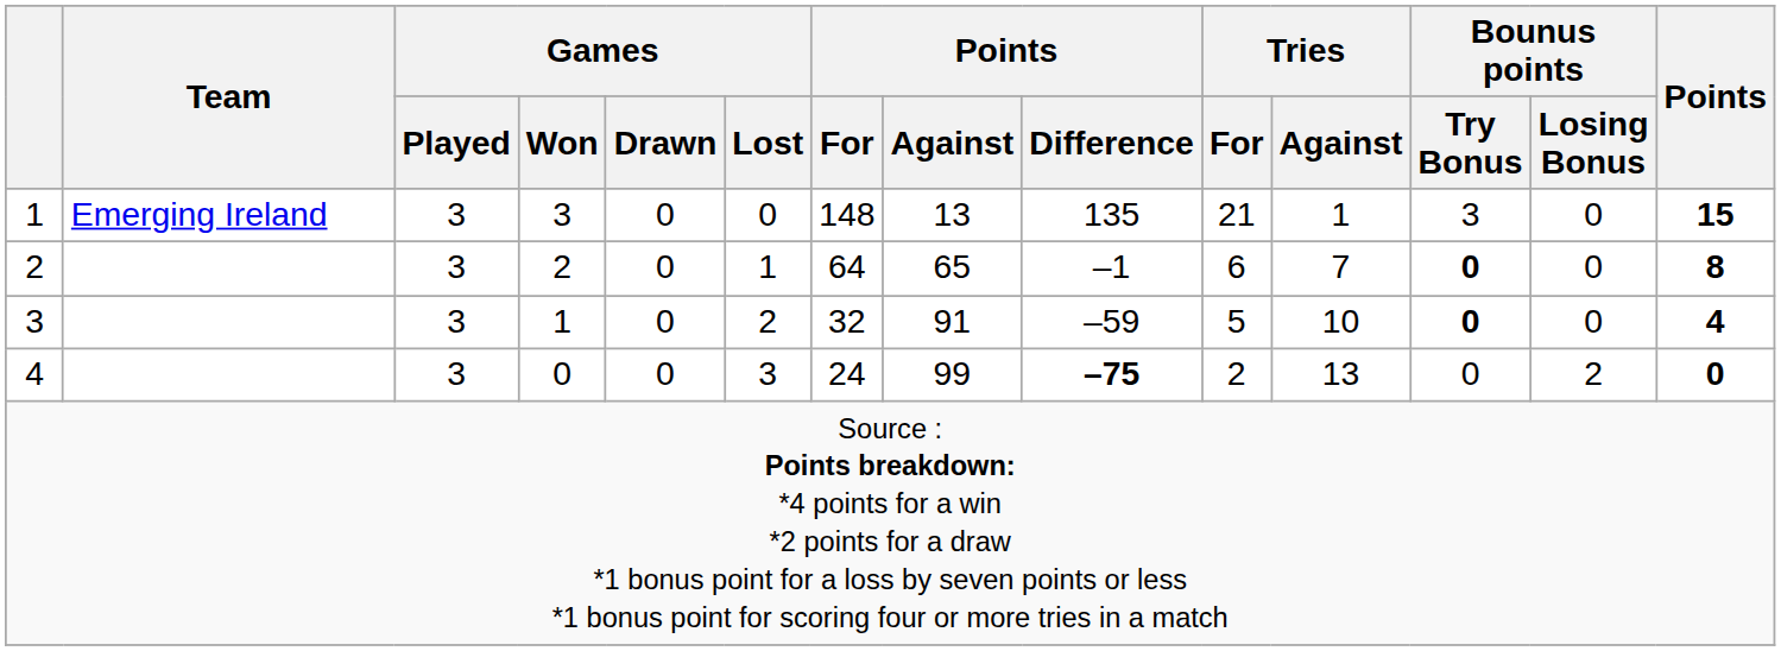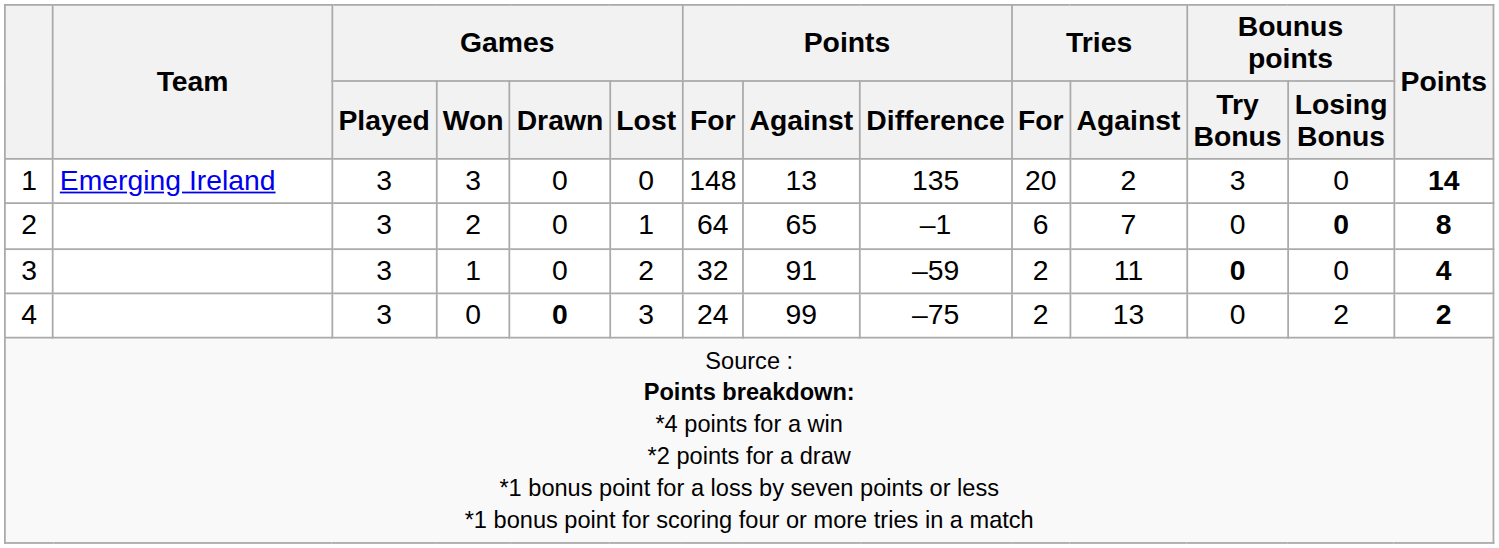 <table class="wikitable" style="text-align: center;">
 <tr>
 <th rowspan="2" bgcolor="#efefef" width="20"></th>
 <th rowspan="2" bgcolor="#efefef" width="150">Team</th>
 <th colspan="4" bgcolor="#efefef" width="100">Games</th>
 <th colspan="3" bgcolor="#efefef" width="60">Points</th>
 <th colspan="2" bgcolor="#efefef" width="40">Tries</th>
 <th colspan="2" bgcolor="#efefef" width="40">Bounus points</th>
 <th rowspan="2" bgcolor="#efefef" width="20">Points</th>
 </tr>
 <tr>
 <th bgcolor="#efefef" width="20">Played</th>
 <th bgcolor="#efefef" width="20">Won</th>
 <th bgcolor="#efefef" width="20">Drawn</th>
 <th bgcolor="#efefef" width="20">Lost</th>
 <th bgcolor="#efefef" width="20">For</th>
 <th bgcolor="#efefef" width="20">Against</th>
 <th bgcolor="#efefef" width="20">Difference</th>
 <th bgcolor="#efefef" width="20">For</th>
 <th bgcolor="#efefef" width="20">Against</th>
 <th bgcolor="#efefef" width="20">Try Bonus</th>
 <th bgcolor="#efefef" width="20">Losing Bonus<br> </th>
 </tr>
 <tr style="background:#fff; text-align:center;">
 <td>1</td>
 <td align=left> <a href='#'>Emerging Ireland</a></td>
 <td>3</td>
 <td>3</td>
 <td>0</td>
 <td>0</td>
 <td>148</td>
 <td>13</td>
 <td>135</td>
-<td>21</td>
-<td>1</td>
+<td>20</td>
+<td>2</td>
 <td>3</td>
 <td>0</td>
-<td><strong>15</strong></td>
+<td><strong>14</strong></td>
 </tr>
 <tr style="background:#fff; text-align:center;">
 <td>2</td>
 <td align=left></td>
 <td>3</td>
 <td>2</td>
 <td>0</td>
 <td>1</td>
 <td>64</td>
 <td>65</td>
 <td>–1</td>
 <td>6</td>
 <td>7</td>
+<td>0</td>
 <td><strong>0</strong></td>
-<td>0</td>
 <td><strong>8</strong></td>
 </tr>
 <tr style="background:#fff; text-align:center;">
 <td>3</td>
 <td align=left></td>
 <td>3</td>
 <td>1</td>
 <td>0</td>
 <td>2</td>
 <td>32</td>
 <td>91</td>
 <td>–59</td>
-<td>5</td>
-<td>10</td>
+<td>2</td>
+<td>11</td>
 <td><strong>0</strong></td>
 <td>0</td>
 <td><strong>4</strong></td>
 </tr>
 <tr style="background:#fff; text-align:center;">
 <td>4</td>
 <td align=left></td>
 <td>3</td>
 <td>0</td>
-<td>0</td>
+<td><strong>0</strong></td>
 <td>3</td>
 <td>24</td>
 <td>99</td>
-<td><strong>–75</strong></td>
+<td>–75</td>
 <td>2</td>
 <td>13</td>
 <td>0</td>
 <td>2</td>
-<td><strong>0</strong></td>
+<td><strong>2</strong></td>
 </tr>
 <tr |align=left|>
 <td colspan="14" style="border:0;"><small>Source : <br><strong>Points breakdown:</strong><br>*4 points for a win<br>*2 points for a draw<br>*1 bonus point for a loss by seven points or less<br>*1 bonus point for scoring four or more tries in a match</small></td>
 </tr>
 </table>
